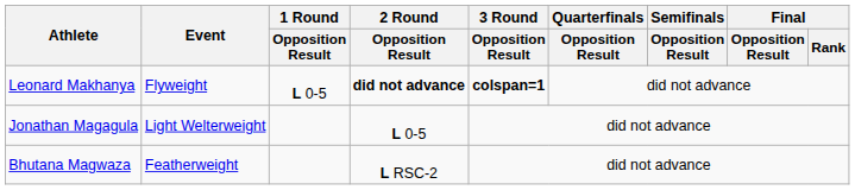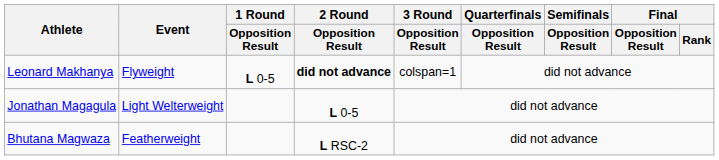 <table class="wikitable" style="font-size:90%">
 <tr>
 <th rowspan="2">Athlete</th>
 <th rowspan="2">Event</th>
 <th>1 Round</th>
 <th>2 Round</th>
 <th>3 Round</th>
 <th>Quarterfinals</th>
 <th>Semifinals</th>
 <th colspan=2>Final</th>
 </tr>
 <tr style="font-size:95%">
 <th>Opposition<br>Result</th>
 <th>Opposition<br>Result</th>
 <th>Opposition<br>Result</th>
 <th>Opposition<br>Result</th>
 <th>Opposition<br>Result</th>
 <th>Opposition<br>Result</th>
 <th>Rank</th>
 </tr>
 <tr align=center>
 <td align=left><a href='#'>Leonard Makhanya</a></td>
 <td align=left><a href='#'>Flyweight</a></td>
 <td><br><strong>L</strong> 0-5</td>
 <td colspan=1><strong>did not advance</strong></td>
-<td><strong>colspan=1 </strong></td>
+<td>colspan=1 </td>
 <td colspan=6>did not advance</td>
 </tr>
 <tr align=center>
 <td align=left><a href='#'>Jonathan Magagula</a></td>
 <td align=left><a href='#'>Light Welterweight</a></td>
 <td></td>
 <td><br><strong>L</strong> 0-5</td>
 <td colspan=5>did not advance</td>
 </tr>
 <tr align=center>
 <td align=left><a href='#'>Bhutana Magwaza</a></td>
 <td align=left><a href='#'>Featherweight</a></td>
 <td></td>
 <td><br><strong>L</strong>  RSC-2</td>
 <td colspan=5>did not advance</td>
 </tr>
 </table>
